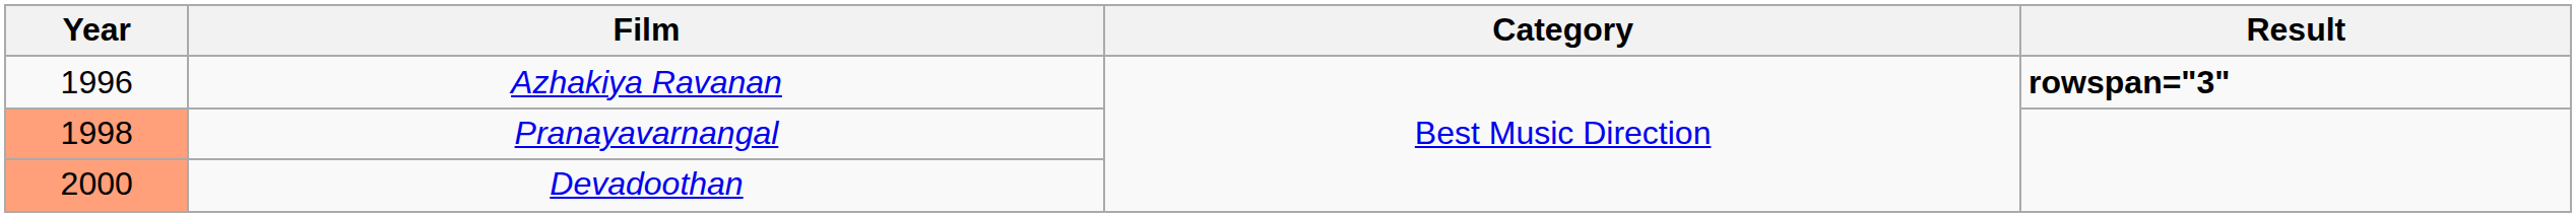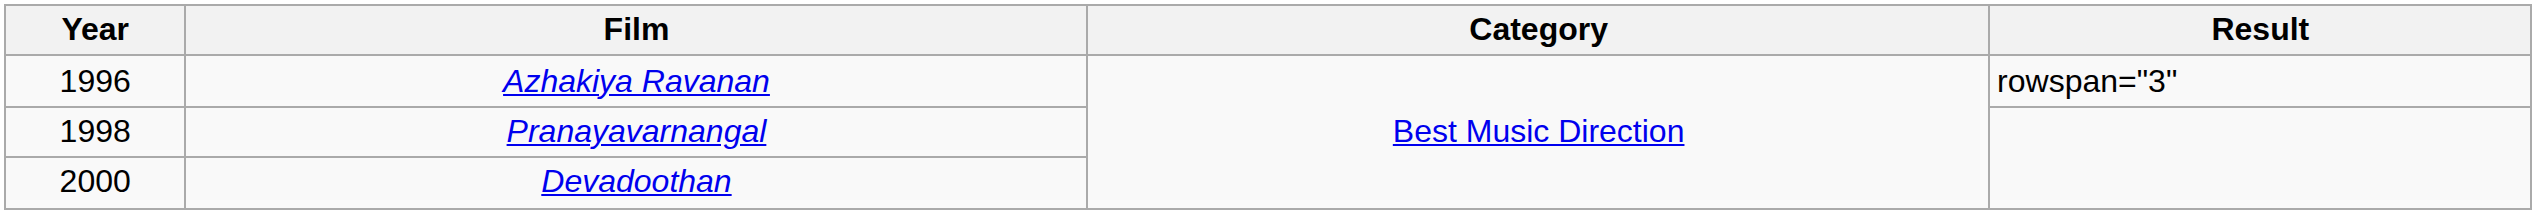 <table class="wikitable" style="width:100%;">
 <tr>
 <th width=5%>Year</th>
 <th style="width:25%;">Film</th>
 <th style="width:25%;">Category</th>
 <th style="width:15%;">Result</th>
 </tr>
 <tr>
 <td style="text-align:center;">1996</td>
 <td style="text-align:center;"><em><a href='#'>Azhakiya Ravanan</a></em></td>
 <td style="text-align:center;" rowspan="3"><a href='#'>Best Music Direction</a></td>
-<td><strong>rowspan="3" </strong></td>
+<td>rowspan="3" </td>
 </tr>
 <tr style="text-align:center;">
-<td style="background: lightsalmon;">1998</td>
+<td>1998</td>
 <td><em><a href='#'>Pranayavarnangal</a></em></td>
 </tr>
 <tr style="text-align:center;">
-<td style="background: lightsalmon;">2000</td>
+<td>2000</td>
 <td><em><a href='#'>Devadoothan</a></em></td>
 </tr>
 <tr>
 </tr>
 </table>
